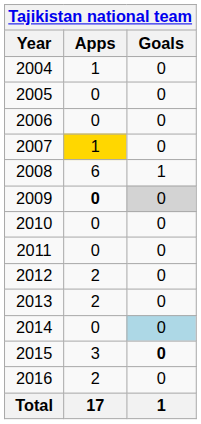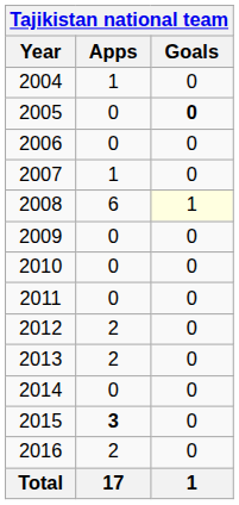 <table class="wikitable" style="text-align:center">
 <tr>
 <th colspan=3><a href='#'>Tajikistan national team</a></th>
 </tr>
 <tr>
 <th>Year</th>
 <th>Apps</th>
 <th>Goals</th>
 </tr>
 <tr>
 <td>2004</td>
 <td>1</td>
 <td>0</td>
 </tr>
 <tr>
 <td>2005</td>
 <td>0</td>
-<td>0</td>
+<td><strong>0</strong></td>
 </tr>
 <tr>
 <td>2006</td>
 <td>0</td>
 <td>0</td>
 </tr>
 <tr>
 <td>2007</td>
-<td style="background: gold;">1</td>
+<td>1</td>
 <td>0</td>
 </tr>
 <tr>
 <td>2008</td>
 <td>6</td>
-<td>1</td>
+<td style="background: lightyellow;">1</td>
 </tr>
 <tr>
 <td>2009</td>
-<td><strong>0</strong></td>
-<td style="background: lightgrey;">0</td>
+<td>0</td>
+<td>0</td>
 </tr>
 <tr>
 <td>2010</td>
 <td>0</td>
 <td>0</td>
 </tr>
 <tr>
 <td>2011</td>
 <td>0</td>
 <td>0</td>
 </tr>
 <tr>
 <td>2012</td>
 <td>2</td>
 <td>0</td>
 </tr>
 <tr>
 <td>2013</td>
 <td>2</td>
 <td>0</td>
 </tr>
 <tr>
 <td>2014</td>
 <td>0</td>
-<td style="background: lightblue;">0</td>
+<td>0</td>
 </tr>
 <tr>
 <td>2015</td>
-<td>3</td>
-<td><strong>0</strong></td>
+<td><strong>3</strong></td>
+<td>0</td>
 </tr>
 <tr>
 <td>2016</td>
 <td>2</td>
 <td>0</td>
 </tr>
 <tr>
 <th>Total</th>
 <th>17</th>
 <th>1</th>
 </tr>
 </table>
